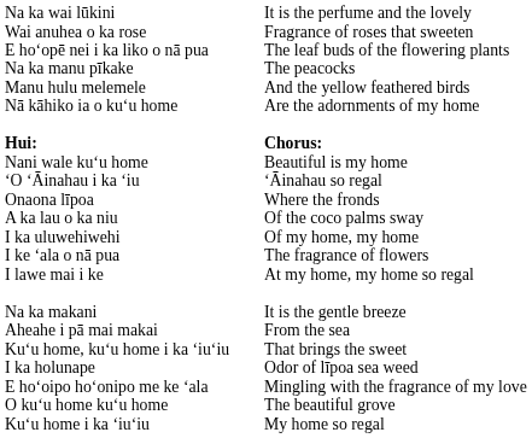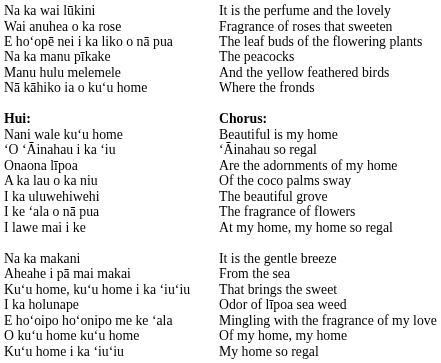 <table cellpadding=0 cellspacing=0>
 <tr>
 <td>Na ka wai lūkini</td>
 <td>It is the perfume and the lovely</td>
 </tr>
 <tr>
 <td>Wai anuhea o ka rose</td>
 <td>Fragrance of roses that sweeten</td>
 </tr>
 <tr>
 <td>E hoʻopē nei i ka liko o nā pua</td>
 <td>The leaf buds of the flowering plants</td>
 </tr>
 <tr>
 <td>Na ka manu pīkake</td>
 <td>The peacocks</td>
 </tr>
 <tr>
 <td>Manu hulu melemele</td>
 <td>And the yellow feathered birds</td>
 </tr>
 <tr>
 <td>Nā kāhiko ia o kuʻu home</td>
-<td>Are the adornments of my home</td>
+<td>Where the fronds</td>
 </tr>
 <tr>
 <td width="250px"> </td>
 <td width="300px"> </td>
 </tr>
 <tr>
 <td><strong>Hui:</strong></td>
 <td><strong>Chorus:</strong></td>
 </tr>
 <tr>
 <td>Nani wale kuʻu home</td>
 <td>Beautiful is my home</td>
 </tr>
 <tr>
 <td>ʻO ʻĀinahau i ka ʻiu</td>
 <td>ʻĀinahau so regal</td>
 </tr>
 <tr>
 <td>Onaona līpoa</td>
-<td>Where the fronds</td>
+<td>Are the adornments of my home</td>
 </tr>
 <tr>
 <td>A ka lau o ka niu</td>
 <td>Of the coco palms sway</td>
 </tr>
 <tr>
 <td>I ka uluwehiwehi</td>
-<td>Of my home, my home</td>
+<td>The beautiful grove</td>
 </tr>
 <tr>
 <td>I ke ʻala o nā pua</td>
 <td>The fragrance of flowers</td>
 </tr>
 <tr>
 <td>I lawe mai i ke</td>
 <td>At my home, my home so regal</td>
 </tr>
 <tr>
 <td> </td>
 <td> </td>
 </tr>
 <tr>
 <td>Na ka makani</td>
 <td>It is the gentle breeze</td>
 </tr>
 <tr>
 <td>Aheahe i pā mai makai</td>
 <td>From the sea</td>
 </tr>
 <tr>
 <td>Kuʻu home, kuʻu home i ka ʻiuʻiu</td>
 <td>That brings the sweet</td>
 </tr>
 <tr>
 <td>I ka holunape</td>
 <td>Odor of līpoa sea weed</td>
 </tr>
 <tr>
 <td>E hoʻoipo hoʻonipo me ke ʻala</td>
 <td>Mingling with the fragrance of my love</td>
 </tr>
 <tr>
 <td>O kuʻu home kuʻu home</td>
-<td>The beautiful grove</td>
+<td>Of my home, my home</td>
 </tr>
 <tr>
 <td>Kuʻu home i ka ʻiuʻiu</td>
 <td>My home so regal</td>
 </tr>
 </table>
